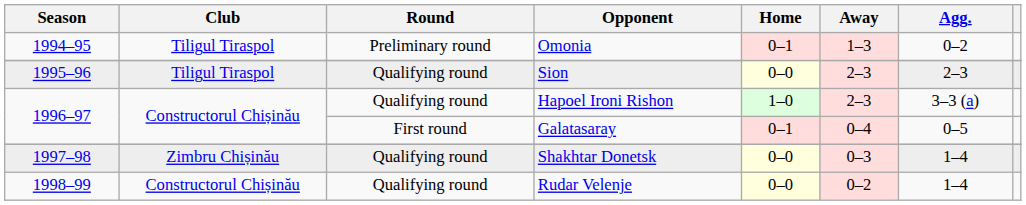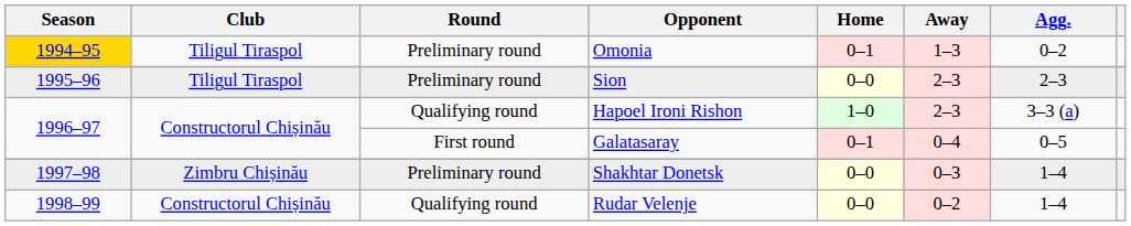 <table class="wikitable" style="font-size:78%; text-align: center;">
 <tr>
 <th width="80">Season</th>
 <th width="150">Club</th>
 <th width="150">Round</th>
 <th width="150">Opponent</th>
 <th width="53">Home</th>
 <th width="53">Away</th>
 <th width="80"><a href='#'>Agg.</a></th>
 <th></th>
 </tr>
 <tr>
-<td><a href='#'>1994–95</a></td>
+<td style="background: gold;"><a href='#'>1994–95</a></td>
 <td><a href='#'>Tiligul Tiraspol</a></td>
 <td>Preliminary round</td>
 <td align="left"> <a href='#'>Omonia</a></td>
 <td bgcolor="#ffdddd">0–1</td>
 <td bgcolor="#ffdddd">1–3</td>
 <td>0–2</td>
 <td></td>
 </tr>
 <tr>
 </tr>
 <tr bgcolor=#EEEEEE>
 <td><a href='#'>1995–96</a></td>
 <td><a href='#'>Tiligul Tiraspol</a></td>
-<td>Qualifying round</td>
+<td>Preliminary round</td>
 <td align="left"> <a href='#'>Sion</a></td>
 <td bgcolor="#ffffdd">0–0</td>
 <td bgcolor="#ffdddd">2–3</td>
 <td>2–3</td>
 <td></td>
 </tr>
 <tr>
 <td rowspan=2><a href='#'>1996–97</a></td>
 <td rowspan=2><a href='#'>Constructorul Chișinău</a></td>
 <td>Qualifying round</td>
 <td align="left"> <a href='#'>Hapoel Ironi Rishon</a></td>
 <td bgcolor="#ddffdd">1–0</td>
 <td bgcolor="#ffdddd">2–3</td>
 <td>3–3 (<a href='#'>a</a>)</td>
 <td></td>
 </tr>
 <tr>
 <td>First round</td>
 <td align="left"> <a href='#'>Galatasaray</a></td>
 <td bgcolor="#ffdddd">0–1</td>
 <td bgcolor="#ffdddd">0–4</td>
 <td>0–5</td>
 <td></td>
 </tr>
 <tr>
 </tr>
 <tr bgcolor=#EEEEEE>
 <td><a href='#'>1997–98</a></td>
 <td><a href='#'>Zimbru Chișinău</a></td>
-<td>Qualifying round</td>
+<td>Preliminary round</td>
 <td align="left"> <a href='#'>Shakhtar Donetsk</a></td>
 <td bgcolor="#ffffdd">0–0</td>
 <td bgcolor="#ffdddd">0–3</td>
 <td>1–4</td>
 <td></td>
 </tr>
 <tr>
 <td><a href='#'>1998–99</a></td>
 <td><a href='#'>Constructorul Chișinău</a></td>
 <td>Qualifying round</td>
 <td align="left"> <a href='#'>Rudar Velenje</a></td>
 <td bgcolor="#ffffdd">0–0</td>
 <td bgcolor="#ffdddd">0–2</td>
 <td>1–4</td>
 <td></td>
 </tr>
 </table>
